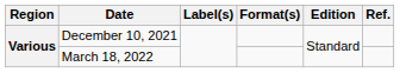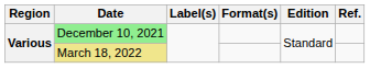 <table class="wikitable plainrowheaders">
 <tr>
 <th scope="col">Region</th>
 <th scope="col">Date</th>
 <th scope="col">Label(s)</th>
 <th scope="col">Format(s)</th>
 <th scope="col">Edition</th>
 <th scope="col">Ref.</th>
 </tr>
 <tr>
 <th scope="row" rowspan="2">Various</th>
-<td>December 10, 2021</td>
+<td style="background: lightgreen;">December 10, 2021</td>
 <td rowspan="2"></td>
 <td></td>
 <td rowspan="2">Standard</td>
 <td></td>
 </tr>
 <tr>
-<td>March 18, 2022</td>
+<td style="background: khaki;">March 18, 2022</td>
 <td></td>
 <td></td>
 </tr>
 </table>
